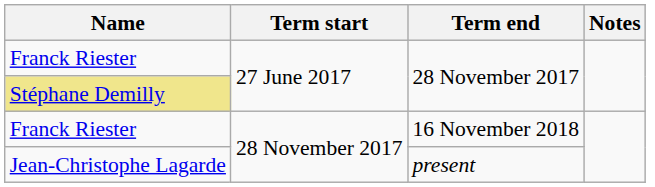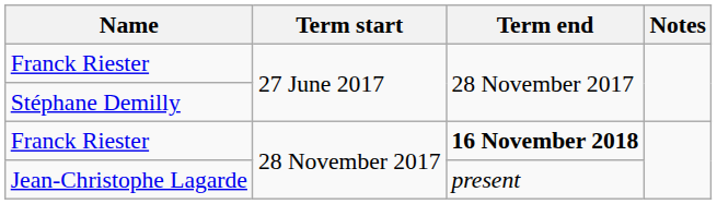 <table class="wikitable" style="font-size:95%;">
 <tr>
 <th>Name</th>
 <th>Term start</th>
 <th>Term end</th>
 <th>Notes</th>
 </tr>
 <tr>
 <td><a href='#'>Franck Riester</a></td>
 <td rowspan="2">27 June 2017</td>
 <td rowspan="2">28 November 2017</td>
 <td rowspan="2"></td>
 </tr>
 <tr>
-<td style="background: khaki;"><a href='#'>Stéphane Demilly</a></td>
+<td><a href='#'>Stéphane Demilly</a></td>
 </tr>
 <tr>
 <td><a href='#'>Franck Riester</a></td>
 <td rowspan="2">28 November 2017</td>
-<td>16 November 2018</td>
+<td><strong>16 November 2018</strong></td>
 <td rowspan="2"></td>
 </tr>
 <tr>
 <td><a href='#'>Jean-Christophe Lagarde</a></td>
 <td><em>present</em></td>
 </tr>
 </table>
